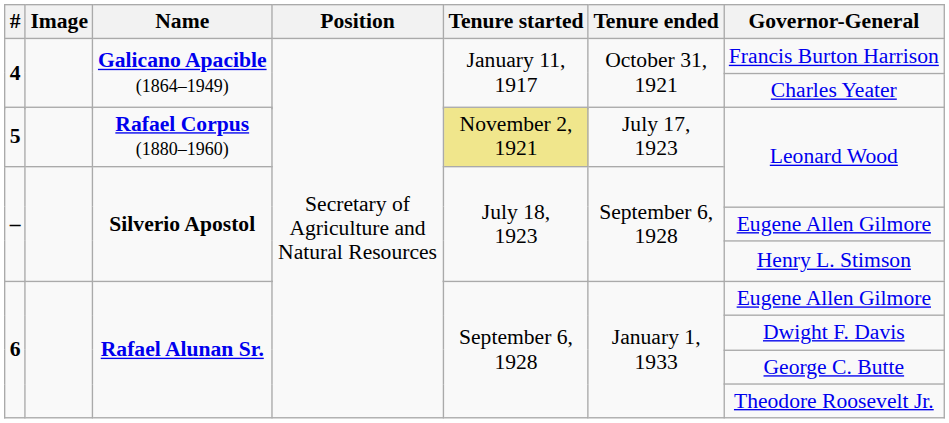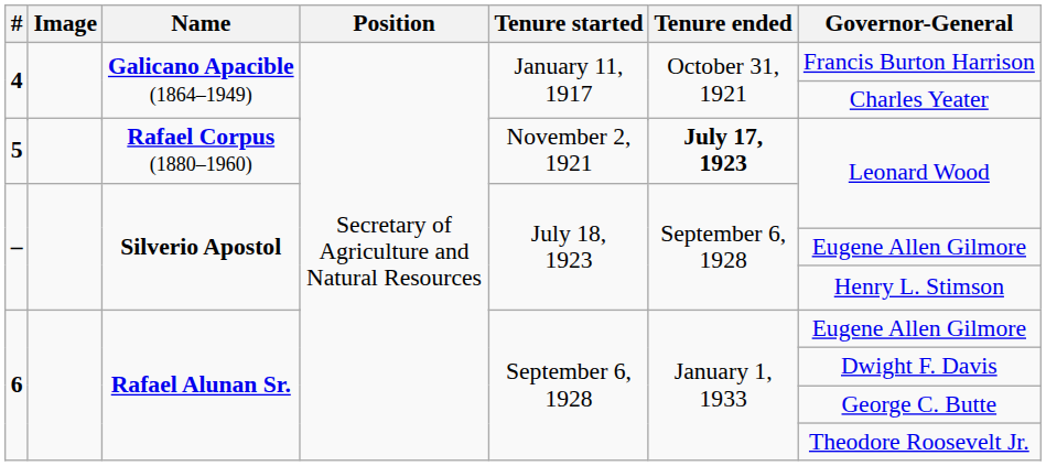 <table class="wikitable" style="text-align:center; border:1px #aaf solid;">
 <tr>
 <th>#</th>
 <th>Image</th>
 <th>Name</th>
 <th width=120px>Position</th>
 <th>Tenure started</th>
 <th>Tenure ended</th>
 <th>Governor-General</th>
 </tr>
 <tr>
 <td rowspan="3"><strong>4</strong></td>
 <td rowspan="3"></td>
 <td rowspan="3"><strong><a href='#'>Galicano Apacible</a></strong><br><small>(1864–1949)</small><br></td>
 <td rowspan="12">Secretary of Agriculture and Natural Resources</td>
 <td rowspan="3">January 11,<br>1917</td>
 <td rowspan="3">October 31,<br>1921</td>
 <td><a href='#'>Francis Burton Harrison</a></td>
 </tr>
 <tr>
 <td><a href='#'>Charles Yeater</a></td>
 </tr>
 <tr>
 <td rowspan="3"><a href='#'>Leonard Wood</a></td>
 </tr>
 <tr>
 <td><strong>5</strong></td>
 <td></td>
 <td><strong><a href='#'>Rafael Corpus</a></strong><br><small>(1880–1960)</small><br></td>
-<td style="background: khaki;">November 2,<br>1921</td>
-<td>July 17,<br>1923</td>
+<td>November 2,<br>1921</td>
+<td><strong>July 17,<br>1923</strong></td>
 </tr>
 <tr style="height:30px;">
 <td rowspan="3"><strong>–</strong></td>
 <td rowspan="3"></td>
 <td rowspan="3"><strong>Silverio Apostol</strong><br></td>
 <td rowspan="3">July 18,<br>1923</td>
 <td rowspan="3">September 6,<br>1928</td>
 </tr>
 <tr>
 <td><a href='#'>Eugene Allen Gilmore</a></td>
 </tr>
 <tr style="height:30px;">
 <td rowspan="2"><a href='#'>Henry L. Stimson</a></td>
 </tr>
 <tr>
 <td rowspan="5"><strong>6</strong></td>
 <td rowspan="5"></td>
 <td rowspan="5"><strong><a href='#'>Rafael Alunan Sr.</a></strong><br></td>
 <td rowspan="5">September 6,<br>1928</td>
 <td rowspan="5">January 1,<br>1933</td>
 </tr>
 <tr>
 <td><a href='#'>Eugene Allen Gilmore</a></td>
 </tr>
 <tr>
 <td><a href='#'>Dwight F. Davis</a></td>
 </tr>
 <tr>
 <td><a href='#'>George C. Butte</a></td>
 </tr>
 <tr>
 <td><a href='#'>Theodore Roosevelt Jr.</a></td>
 </tr>
 </table>
